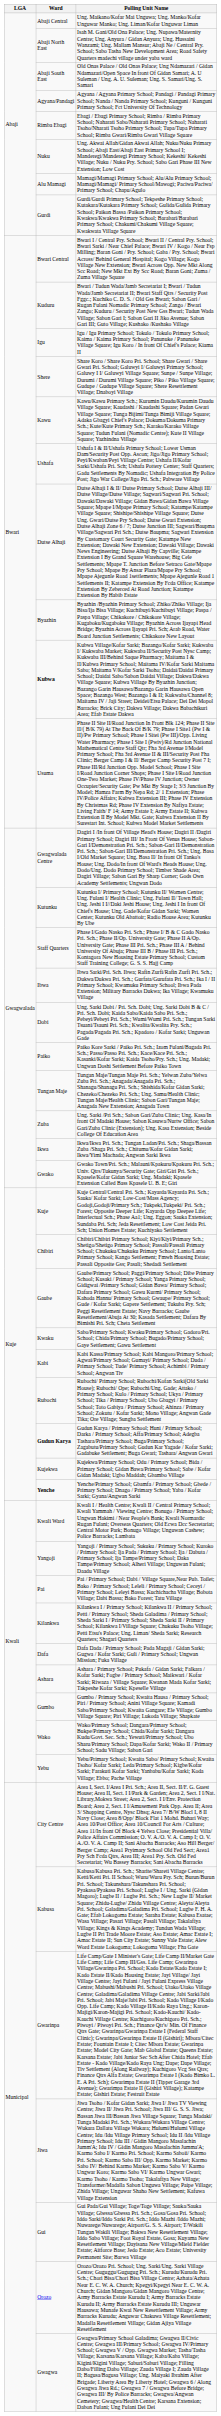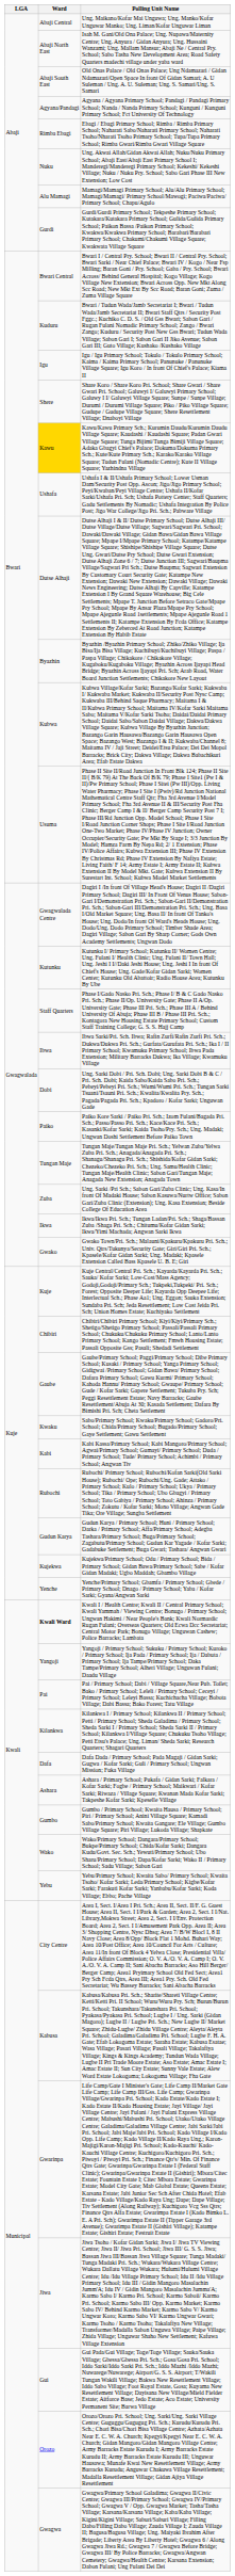 <table class="wikitable sortable">
 <tr>
 <th>LGA</th>
 <th>Ward</th>
 <th>Polling Unit Name</th>
 </tr>
 <tr>
 <td rowspan="8">Abaji</td>
 <td>Abaji Central</td>
 <td>Ung. Maikano/Kofar Mai Unguwa; Ung. Manko/Kofar Unguwar Manko; Ung. Liman/Kofar Unguwar Liman</td>
 </tr>
 <tr>
 <td>Abaji North East</td>
 <td>Isah M. Gani/Old Ona Palace; Ung. Nupawa/Maternity Centre; Ung. Anyura / Gidan Anyura; Ung. Hussaini Wanzami; Ung. Mallam Mansur; Abaji Ne / Central Pry. School; Sabo Tasha New Development Area; Road Safety Quarters madechi village under yaba ward</td>
 </tr>
 <tr>
 <td>Abaji South East</td>
 <td>Old Onas Palace / Old Onas Palace; Ung Ndamazari / Gidan Ndamazari/Open Space In front Of Gidan Samari; A. U Suleman / Ung. A. U. Suleman; Ung. S. Samari/Ung. S. Samari</td>
 </tr>
 <tr>
 <td>Agyana/Pandagi</td>
 <td>Agyana / Agyana Primary School; Pandagi / Pandagi Primary School; Nanda / Nanda Primary School; Kunguni / Kunguni Primary School; Fct University Of Technology</td>
 </tr>
 <tr>
 <td>Rimba Ebagi</td>
 <td>Ebagi / Ebagi Primary School; Rimba / Rimba Primary School; Naharati Sabo/Naharati Primary School; Naharati Tsoho/Nharati Tsoho Primary School; Tupa/Tupa Primary School; Rimba Gwari/Rimba Gwari Village Square</td>
 </tr>
 <tr>
 <td>Nuku</td>
 <td>Ung. Akwai Allah/Gidan Akwai Allah; Nuku/Nuku Primary School; Abaji East/Abaji East Primary School I; Manderegi/Manderegi Primary School; Kekeshi/ Kekeshi Village; Nuku / Nuku Pry. School; Sabo Gari Phase III New Extension; Low Cost</td>
 </tr>
 <tr>
 <td>Alu Mamagi</td>
 <td>Mamagi/Mamagi Primary School; Alu/Alu Primary School; Mamagi/Mamagi/ Primary School/Mawogi; Paciwa/Paciwa/ Primary School; Chapu/Agulo</td>
 </tr>
 <tr>
 <td>Gurdi</td>
 <td>Gurdi/Gurdi Primary School; Tekpeshe Primary School; Kutakara/Kutakara Primary School; Gulida/Gulida Primary School; Paikon Bassa /Paikon Primary School; Kwakwa/Kwakwa Primary School; Barabari/Barabari Primary School; Chakumi/Chakumi Village Square; Kwakwata Village Square</td>
 </tr>
 <tr>
 <td rowspan="10">Bwari</td>
 <td>Bwari Central</td>
 <td>Bwari I / Central Pry. School; Bwari II / Central Pry. School; Bwari Sarki / Near Chief Palace; Bwari IV / Kogo / Near Fsp Milling; Baran Goni / Pry. School; Gaba / Pry. School; Bwari Across/ Behind General Hospital; Kogo Village; Kogo Village New Extension; Bwari Across Opp. New Mkt Along Scc Road; New Mkt Ext By Scc Road; Baran Goni; Zuma / Zuma Village Square</td>
 </tr>
 <tr>
 <td>Kuduru</td>
 <td>Bwari / Tudun Wada/Jamb Secretariat I; Bwari / Tudun Wada/Jamb Secretariat II; Bwari Staff Qtrs / Security Post Fggc.; Kuchiko C. D. S. / Old Gss Bwari; Sabon Gari / Rugan Fulani Nomadic Primary School; Zango / Bwari Zango; Kuduru / Security Post New Gss Bwari; Tudun Wada Village; Sabon Gari I; Sabon Gari II Jiko Avenue; Sabon Gari III; Guto Village; Kushako /Kushako Village</td>
 </tr>
 <tr>
 <td>Igu</td>
 <td>Igu / Igu Primary School; Tokulo / Tokulo Primary School; Kaima / Kaima Primary School; Panunuke / Panunuke Village Square; Igu Koro / In front Of Chief's Palace; Kiama II</td>
 </tr>
 <tr>
 <td>Shere</td>
 <td>Share Koro / Share Koro Pri. School; Share Gwari / Share Gwari Pri. School; Galuwyi I/ Galuwyi Primary School; Galuwy I I/ Galuwyi Village Square; Sunpe / Sunpe Village; Durumi / Durumi Village Square; Piko / Piko Village Square; Gudupe / Gudupe Village Square; Shere Resettlement Village; Dnaboyi Village</td>
 </tr>
 <tr>
-<td>Kawu</td>
+<td style="background: gold;">Kawu</td>
 <td>Kawu/Kawu Primary Sch.; Kurumin Daudu/Kurumin Daudu Village Square; Kaudashi / Kaudashi Square; Padan Gwari Village Square; Tunga Bijimi/Tunga Bimiji Village Square; Adaka Gbagyi Chief's Palace; Dokuma/Dokuma Primary Sch.; Kute/Kute Primary Sch.; Karako/Karako Village Square; Tudun Fulani (Nomadic Centre); Kute II Village Square; Yazhindna Village</td>
 </tr>
 <tr>
 <td>Ushafa</td>
 <td>Ushafa I & II/Ushafa Primary School; Lower Usman Dam/Security Post Opp. Ascon; Jigo/Jigo Primary School; Peyi/Kwaban/Peyi Village Centre; Ushafa II/Kofar Sarki/Ushafa Pri. Sch; Ushafa Pottery Center; Staff Quarters; Gadu Settlements By Nomadic; Ushafa Integration By Police Post; Jigo War College/Jigo Pri. Sch.; Pabware Village</td>
 </tr>
 <tr>
 <td>Dutse Alhaji</td>
 <td>Dutse Alhaji I & II/ Dutse Primary School; Dutse Alhaji III/ Dutse Village/Dutse Village; Sagwari/Sagwari Pri. School; Dawaki/Dawaki Village; Gidan Bawa/Gidan Bawa Village Square; Mpape I/Mpape Primary School; Katampe/Katampe Village Square; Shishipe/Shishipe Village Square; Dutse Ung. Gwari/Dutse Pry School; Dutse Gwari Extension; Dutse Alhaji Zone 6 / 7; Dutse Junction III; Sagwari/Baupma Village/Sagwari Pri Sch.; Dutse Baupma; Sagwari Extension By Customary Court Security Gate; Katampe New Extension; Dawaki New Extension; Dawaki Village; Dawaki News Engineering; Dutse Alhaji By Capville; Katampe Extension I By Grand Square Warehouse; Big Cele Settlements; Mpape T. Junction Before Setraco Gate/Mpape Pry School; Mpape By Ansar Plaza/Mpape Pry School; Mpape Ajegunle Road 1settlements; Mpape Ajegunle Road 1 Settlements II; Katampe Extension By Fcda Office; Katampe Extension By Zeberced At Road Junction; Katampe Extension By Habib Estate</td>
 </tr>
 <tr>
 <td>Byazhin</td>
 <td>Byazhin /Byazhin Primary School; Zhiko/Zhiko Village; Ija Bisa/Ija Bisa Village; Kuchibuyi/Kuchibuyi Village; Paspa / Paspa Village; Chikakore / Chikakore Village; Kugaboku/Kugaboku Village; Byazhin Across Ijayapi Head Bridge; Byazhin Across Ijayapi Pri. Sch; Arab Road, Water Board Junction Settlements; Chikakore New Layout</td>
 </tr>
 <tr>
-<td><strong>Kubwa</strong></td>
+<td>Kubwa</td>
 <td>Kubwa Village/Kofar Sarki; Bazango/Kofar Sarki; Kukwaba I/ Kukwaba Market; Kukwaba II/Security Post Nysc Camp; Kukwaba III/Behind Saque Pharmacy; Maitama I & II/Kubwa Primary School; Maitama IV/Kofar Sarki Maitama Sabo; Maitama V/Kofar Sarki Tsoho; Daidai/Daidai Primary School; Daidai Sabo/Sabon Daidai Village; Dakwa/Dakwa Village Square; Kubwa Village By Byazhin Junction; Bazango Garin Hausawa/Bazango Garin Hausawa Open Space; Bazango West; Bazango I & II; Kukwaba/Channel 8; Maitama IV / Jaji Street; Deidei/Etsu Palace; Dei Dei Mopol Barracks; Brick City; Dakwa Village; Dakwa Babachikuri Area; Efab Estate Dakwa</td>
 </tr>
 <tr>
 <td>Usuma</td>
 <td>Phase II Site II/Road Junction In Front Blk 124; Phase II Site II/( B/K 79) At The Back Of B/K 79; Phase I Site1 (Pw I & II)/Pw Primary School; Phase I Sitei (Pw III)/Opp. Living Water Pharmacy; Phase I Site I (Pwiv)/Rd Junction National Mathematical Centre Staff Qtr; Fha 3rd Avenue I/Model Primary School; Fha 3rd Avenue II & III/Security Post Fha Clinic; Berger Camp I & II/ Berger Camp Security Post 7 I; Phase III/Rd Junction Opp. Model School; Phase I Site I/Road Junction Corner Shops; Phase I Site I/Road Junction One-Two Market; Phase IV/Phase IV Junction; Owner Occupier/Security Gate; Pw Mkt By Stage I; 3/3 Junction By Model; Hamza Farm By Nepa Rd; 2/ 1 Extension; Phase IV/Police Affairs; Kubwa Extension III; Phase IV Extension By Christmas Rd; Phase IV Extension By Nafiya Estate; Living Faith/ F 14; Army Estate I; Army Estate II; Kubwa Extension II By Model Mkt. Gate; Kubwa Extension II By Surestart Int. School; Kubwa Model Market Settlements</td>
 </tr>
 <tr>
 <td rowspan="10">Gwagwalada</td>
 <td>Gwagwalada Centre</td>
 <td>Dagiri I /In front Of Village Head's House; Dagiri II /Dagiri Primary School; Dagiri III/ In Front Of Venus House; Sabon-Gari I/Demonstration Pri. Sch.; Sabon-Gari II/Demonstration Pri. Sch.; Sabon-Gari III/Demonstration Pri. Sch.; Ung. Basa I/Old Market Square; Ung. Basa II/ In front Of Tanko's House; Ung. Dodo/In front Of Ward's Heads House; Ung. Dodo/Ung. Dodo Primary School; Timber Shade Area; Dagiri Village; Sabon Gari By Sharp Corner; Gods Own Academy Settlements; Ungwan Dodo</td>
 </tr>
 <tr>
 <td>Kutunku</td>
 <td>Kutunku I/ Primary School; Kutunku II/ Women Centre; Ung. Fulani I/ Health Clinic; Ung. Fulani II/ Town Hall; Ung. Jeshi I I//Daki Jeshi House; Ung. Jeshi I In front Of Chief's House; Ung. Gade/Kofar Gidan Sarki; Women Center; Kutunku Old Abattoir; Radio House Area; Kutunku By Ube</td>
 </tr>
 <tr>
 <td>Staff Quarters</td>
 <td>Phase I/Gado Nasko Pri. Sch.; Phase I/ B & C Gado Nasko Pri. Sch.; Phase II/Op. University Gate; Phase II A/Op. University Gate; Phase III Pri. Sch.; Phase III A / Behind University Of Abuja; Phase III B / Phase III Pri. Sch.; Kontagora New Housing Estate Primary School; Custom Staff Training College; G. S. S. Hajj Camp</td>
 </tr>
 <tr>
 <td>Ibwa</td>
 <td>Ibwa Sarki/Pri. Sch. Ibwa; Rafin Zurfi/Rafin Zurfi Pri. Sch.; Dukwa/Dukwa Pri. Sch.; Gurfata/Gurufata Pri. Sch.; Ika I / II Primary School; Kwamuku Primary School; Ibwa Pada Extension; Military Barracks Dukwa; Ika Village; Kwamuku Village</td>
 </tr>
 <tr>
 <td>Dobi</td>
 <td>Ung. Sarki Dobi / Pri. Sch. Dobi; Ung. Sarki Dobi B & C / Pri. Sch. Dobi; Kaida Sabo/Kaida Sabo Pri. Sch.; Pebeyi/Pebeyi Pri. Sch.; Wumi/Wumi Pri. Sch.; Tungan Sarki Tsuani/Tsauni Pri. Sch.; Kwalita/Kwalita Pry. Sch.; Pagada/Pagada Pri. Sch.; Kpadoro / Kofar Sarki; Unguwan Gade</td>
 </tr>
 <tr>
 <td>Paiko</td>
 <td>Paiko Kore Sarki / Paiko Pri. Sch.; Izom Fulani/Bagada Pri. Sch.; Passo/Passo Pri. Sch.; Kace/Kace Pri. Sch.; Kasanki/Kofar Sarki; Kaida Tsoho/Pry. Sch.; Ung. Madaki; Ungwan Doshi Settlement Before Paiko Town</td>
 </tr>
 <tr>
 <td>Tungan Maje</td>
 <td>Tungan Maje/Tungan Maje Pri. Sch.; Yelwan Zuba/Yelwa Zuba Pri. Sch.; Anagada/Anagada Pri. Sch.; Shanagu/Shanagu Pri. Sch.; Shishida/Kofar Gidan Sarki; Chezeko/Chezeko Pri. Sch.; Ung. Samu/Health Clinic; Tungan Maje/Health Clinic; Sabon Gari/Tungan Maje; Anagada New Extension; Anagada Town</td>
 </tr>
 <tr>
 <td>Zuba</td>
 <td>Ung. Sarki /Pri Sch.; Sabon Gari/Zuba Clinic; Ung. Kasa/In front Of Madaki House; Sabon Kasuwa/Nurtw Office; Sabon Gari/Zuba Clinic (Extension); Ung. Kasa Extension; Beside College Of Education Area</td>
 </tr>
 <tr>
 <td>Ikwa</td>
 <td>Ikwa/Ikwa Pri. Sch.; Tungan Ladan/Pri. Sch.; Shaga/Bassan Zuba /Shaga Pri. Sch.; Chitumu/Kofar Gidan Sarki; Ikwa/Yimi Machada; Angwan Sarki Ikwa</td>
 </tr>
 <tr>
 <td>Gwako</td>
 <td>Gwako Town/Pri. Sch.; Malauni/Kpakuru/Kpakuru Pri. Sch.; Univ. Qtrs/Tukunya/Security Gate; Giri/Giri Pri. Sch.; Kpasele/Kofar Gidan Sarki; Ung. Madaki; Kpasele Extension Called Bass Kpasele U. B. E; Giri</td>
 </tr>
 <tr>
 <td rowspan="9">Kuje</td>
 <td>Kuje</td>
 <td>Kuje Central/Central Pri. Sch.; Kayarda/Kayarda Pri. Sch.; Sauka/ Kofar Sarki; Low-Cost/Mass Agency; Godoji,Godoji/Primary Sch.; Tukpeki,Tukpeki/ Pri. Sch.; Forest; Opposite Deeper Life; Kayarda Opp Deepee Life; Interlectual Sch.; Phase Aa1; Ung. Eggon; Sauka Extension; Sundaba Pri. Sch; Jeda Resettlement; Low Cost Jeida Pri. Sch; Union Homes Estate; Kuchiyako Settlement</td>
 </tr>
 <tr>
 <td>Chibiri</td>
 <td>Chibiri/Chibiri Primary School; Kiyi/Kiyi/Primary Sch.; Shetigo/Shetigo Primary School; Passali/Passali Primary School; Chukuku/Chukuku Primary School; Lanto/Lanto Primary School; Kango Settlement; Fmwh Housing Estate; Passali Opposite Gss; Pasali; Shedadi Settlement</td>
 </tr>
 <tr>
 <td>Gaube</td>
 <td>Gaube/Primary School; Paggi/Primary School; Dibe Primary School; Kusaki / Primary School; Yanga Primary School; Gidigwai /Primary School; Gidan Bawa/ Primary School; Dafara Primary School; Gawu Kurmi/ Primary School; Kahoda Hannu/ Primary School; Gwaupe/ Primary School; Gude / Kofar Sarki; Gapere Settlement; Tukuba Pry. Sch; Peggi Resettlement Estate; Navy Barracks; Gaube Resettlement/Abuja At 30; Kasada Settlement; Dafara By Bimishi Pri. Sch; Cheta Settlement</td>
 </tr>
 <tr>
 <td>Kwaku</td>
 <td>Sabo/Primary School; Kwaku/Primary School; Gadoro/Pri. School; Chida/Primary School; Bugado/Primary School; Gaye Settlement; Gawu Settlement</td>
 </tr>
 <tr>
 <td>Kabi</td>
 <td>Kabi Kassa/Primary School; Kabi Mangoro/Primary School; Agwai/Primary School; Gumayi/ Primary School; Duda / Primary School; Tude/ Primary School; Achimbi / Primary School; Angwan Tiv</td>
 </tr>
 <tr>
 <td>Rubochi</td>
 <td>Rubochi/ Primary School; Rubochi/Kofan Sarki(Old Sarki House); Rubochi/ Ope; Rubochi/Ung. Gade; Attako / Primary School; Kulo / Primary School; Ukya / Primary School; Tika / Primary School; Ubo Gbagyi / Primary School; Toto Gabiya / Primary School; Ahinza / Primary School; Zokutu / Kofar Sarki; Mono Village; Angwan Gade Tika; Ore Village; Sungba Settlement</td>
 </tr>
 <tr>
-<td><strong>Gudun Karya</strong></td>
+<td>Gudun Karya</td>
 <td>Gudun Karya / Primary School; Huni / Primary School; Darka / Primary School; Affa/Primary School; Adegba Tashara/Primary School; Buga/Primary School; Zagabutu/Primary School; Gudun Kar Yagade / Kofar Sarki; Gadabuke Settlement; Buga Gwari; Tashara/ Angwan Gwari</td>
 </tr>
 <tr>
 <td>Kujekwa</td>
 <td>Kujekwa/Primary School; Odu / Primary School; Bida / Primary School; Gidan Bawa/Primary School; Sabe / Kofar Gidan Madaki; Ugbo Maddah; Gbambo Village</td>
 </tr>
 <tr>
-<td><strong>Yenche</strong></td>
+<td>Yenche</td>
 <td>Yenche/Primary School; Gbamfa / Primary School; Gbede / Primary School; Dnago / Primary School; Yaba / Kofar Sarki; Gyana/Angwan Sarki</td>
 </tr>
 <tr>
 <td rowspan="9">Kwali</td>
-<td>Kwali Ward</td>
+<td><strong>Kwali Ward</strong></td>
 <td>Kwali I / Health Centre; Kwali II / Central Primary School; Kwali Yammah / Viewing Centre; Bonugo / Primary School; Ungwan Hakimi / Near People's Bank; Kwali Normardic Rugan Fulani; Overseas Quarters; Old Ecwa Dcc Secretariat; Central Motor Park; Bonugo Village; Unguwan Cashew; Police Barracks; Lambata</td>
 </tr>
 <tr>
 <td>Yangoji</td>
 <td>Yangoji / Primary School; Sukuku / Primary School; Kuroko / Primary School; Ija Pada / Primary School; Ija / Dabuta / Primary School; Ija Tampe/Primary School; Daka Tampe/Primary School; Alheri Village; Unguwan Fulani; Daadu Village</td>
 </tr>
 <tr>
 <td>Pai</td>
 <td>Pai / Primary School; Dabi / Village Square,Near Pub. Toilet; Bako / Primary School; Leleli / Primary School; Ceceyi / Primary School; Leleyi Bassa; Kuchichacha Village; Bobota Village; Dabi Bassa; Bako Forest; Tatu Village</td>
 </tr>
 <tr>
 <td>Kilankwa</td>
 <td>Kilankwa I / Primary School; Kilankwa II / Primary School; Petti / Primary School; Sheda Galadima / Primary School; Sheda Sarki I / Primary School; Sheda Sarki II / Primary School; Kilankwa I/Village Square; Chukuku Tsoho Village; Petti Etsu's Palace; Ung. Liman/ Sheda Sarki; Research Quarters; Shagari Quarters</td>
 </tr>
 <tr>
 <td>Dafa</td>
 <td>Dafa Dada / Primary School; Pada Magaji / Gidan Sarki; Gugwa / Kofar Sarki; Guli / Primary School; Ungwan Mission; Fuka Village</td>
 </tr>
 <tr>
 <td>Ashara</td>
 <td>Ashara / Primary School; Pukafa / Gidan Sarki; Falkara / Kofar Sarki; Fogbe / Primary School; Maikwari / Kofar Sarki; Riwaza / Village Square; Kwanan Mada Kofar Sarki; Takpeshe Kofar Sarki; Kpeselle Village</td>
 </tr>
 <tr>
 <td>Gumbo</td>
 <td>Gumbo / Primary School; Kwaita Hausa / Primary School; Piri / Primary School; Anini Village Square; Kamadi Sabo/Primary School; Kwaita Gangare; Ele Village; Gumbo Village Square; Piri Village; Lukoda Village; Shapkate</td>
 </tr>
 <tr>
 <td>Wako</td>
 <td>Wako/Primary School; Dangara/Primary School; Bukpe/Primary School; Chida/Kofar Sarki; Dangara Kudu/Govt. Sec. Sch.; Yewuti/Primary School; Ubo Sharu/Primary School; Dapa/Kofar Sarki; Wako II / Primary School; Sadu Village; Sabon Gari</td>
 </tr>
 <tr>
 <td>Yebu</td>
 <td>Yebu/Primary School; Kwaita Sabo/ Primary School; Kwaita Tsoho/ Kofar Sarki; Leda/Primary School; Kigbe/Kofar Sarki; Farakuti Kofar Sarki; Yanbabu/Kofar Sarki; Koda Village; Ebbo; Pache Village</td>
 </tr>
 <tr>
 <td rowspan="7">Municipal</td>
 <td>City Centre</td>
 <td>Area I, Sect. I/Area I Pri. Sch.; Area II, Sect. II/F. G. Guest House; Area II, Sect. I I/Park & Garden; Area 2, Sect. I I/Nat. Library,Mokwa Street; Area 2, Sect. I I/Env. Protection Board; Area 2, Sect. I I/Amusement Park Opp. Area II; Area 3/ Shopping Centre, Nysc Dhsq; Area 7/ B/W Blocl I, 8 II Navy Close; Area 8/Opp/ Block Flat 1 Mohd. Buhari Way; Area 10/Post Office; Area 10/Council For Arts / Culture; Area 11/In front Of Block 4 Yelwa Close; Presidential Villa/ Police Affairs Commission; O. V. A./O. V. A. Camp I; O. V. A./O. V. A. Camp II; Sani Abacha Barracks; Aso Hill Berger/ Berger Camp; Area1 Pryimary School Old Fed Sect; Area1 Pry Sch Fcda Qtrs, Area III; Area1 Pry. Sch. Old Fed Secretariat; Wu Bassey Barracks; Sani Abacha Barracks</td>
 </tr>
 <tr>
 <td>Kabusa</td>
 <td>Kabusa/Kabusa Pri. Sch.; Sharite/Shareti Village Centre; Ketti/Ketti Pri. II School; Wuru/Wuru Pry. Sch; Burun/Burun Pri. School; Takunshara/Takunshara Pri. School; Pyakasa/Pyakasa Pri. School; Lugbe I / Ung. Sarki (Gidan Magoro); Lugbe II / Lugbe Pri. Sch.; New Lugbe II/ Market Square; Zhidu-Lugbe/ Zhidu Village Centre; Aleyta/Aleyta Pri. School; Galadima/Galadima Pri. School; Lugbe F. H. A. Gate; Efab Lokogoma Estate; Saraha Estate; Kabusa Esatae; Wasa Village; Pasari Village; Pasali Village; Takalafiya Village; Kings & Kings Academy; Tundun Wada Village; Lugbe II Pri Trade Moore Estate; Aso Estate; Amac Estate I; Amac Estate II; Sun City Estate; Sunny Vale Estate; Alew Word Estate Lokogoma; Lokogoma Village; Fha Gate</td>
 </tr>
 <tr>
 <td>Gwarinpa</td>
 <td>Life Camp/Gate I Minister's Gate; Life Camp II/Market Gate Life Camp; Life Camp III/Gss. Life Camp; Gwarinpa Village/Gwarinpa Pri. School; Kado Estate/Kado Estate I; Kado Estate II/Kado Housing Estate; Jayi Village/ Jayi Village Centre; Jayi Fulani / Jayi Fulani Express Village Centre; Mabushi/Mabushi Pri. School; Utako/Utako Village Centre; Galadima/Galadima Village Centre; Jabi Sarki/Jabi Pri. School; Jabi Maje/Jabi Pri. School; Kado Village I/Kado Opp. Life Camp; Kado Village II/Kado Raya Ung.; Karon-Majigi/Karon-Majigi Pri. School; Kado-Kauchi/ Kado-Kauchi Village Centre; Kuchigoro/Kuchigoro Pri. Sch.; Piwoyi / Piwoyi Pri. Sch.; Finance Qtr's/ Min. Of Finance Qtrs Gate; Gwarinpa/Gwarinpa Estate I (Federal Staff Clinic); Gwarinpa/Gwarinpa Estate II (Gishiri); Mbora/Citec Estate; Fountain Estate I; Citec Mbora Estate; Gwarinpa Estate; Model City Gate; Mab Global Estate; Queens Estate; Karsana Estate; Jabi Junior Sec Sch After Chida Hotel; Efab Estate - Kado Village/Kado Raya Ung; Dape; Dape Village; Tiv Settlement (Along Railway); Kuchigoro Vcg Sss Qtrs; Finance Qtrs Alfa Estate; Gwarimpa Estate I (Kado Bimko L. E. A Pri. Sch); Gwarimpa Estate II (Tipper Garage 3rd Avenue); Gwarimpa Estate II (Gishiri Village); Katampe Estate; Gishiri Estate; Festruit Estate</td>
 </tr>
 <tr>
 <td>Jiwa</td>
 <td>Jiwa Tsoho / Kofar Gidan Sarki; Jiwa I/ Jiwa TV Viewing Centre; Jiwa II/ Jiwa Pri. School; Jiwa III/ G. S. S. Jiwa; Bassan Jiwa III/Bassan Jiwa Village Square; Tunga Madaki/ Tunga Madaki Pri. Sch.; Wukara/Wukara Village Centre; Wukara Dallatu Village Wukara; Hulumi/Hulumi Village Centre; Idu /Idu Village Primary School; Idu II /Idu Village Primary School; Idu III / Gidin Mangoro Masalachin Jumm'A; Idu IV / Gidin Mangoro Masalachin Jumma'A; Karmo Sabo I/ Karmo Pri. School; Karmo Saboii/ Karmo Pri. School; Karmo Sabo III/ Opp. Karmo Market; Karmo Sabo IV/ Behind Karmo Market; Karmo Sabo V/ Karmo Ungwar Koro; Karmo Sabo VI/ Karmo Ungwar Gwari; Karmo Tsoho / Karmo Tsoho; Takalafiya New Village; Transformer/Madalla Sabon Unguwa Village; Paipe Village; Zhida Village; Unguwar Shaho New Settlement; Kafuwa Village Extension</td>
 </tr>
 <tr>
 <td>Gui</td>
 <td>Gui Pada/Gui Village; Toge/Toge Village; Sauka/Sauka Village; Gbessa/Gbessa Pri. Sch.; Gosa/Gosa Pri. School; Iddo Sarki/Iddo Sarki Pri. Sch.; Iddo Mazhi /Iddo Mazhi; Nuwarege/Nuwarege; Airport/G. S. S. Airport; T/Wakili Tungan Wakili Village; Bakwa New Resettlement Village; Iddo Sabo Village; Foot Royal Estate, Gosa; Kuyama New Resettlement Village; Dayisana New Village/Mield Fielder Estate; Aitforce Base; Jedo Estate; Aco Estate; University Permanent Site; Barwa Village</td>
 </tr>
 <tr>
 <td><a href='#'>Orozo</a></td>
 <td>Orozo/Orozo Pri. School; Ung. Sarki/Ung. Sarki Village Centre; Guguggu/Gugugug Pri. Sch.; Kurudu/Kurudu Pri. Sch.; Chori Bisa/Chori Bisa Village Centre; Azhata/Azhata Near E. C. W. A. Church; Kpegyi/Kpegyi Near E. C. W. A. Church; Gidan Mangoro/Gidan Mangoro Village Centre; Army Barracks Estate Kurudu I; Army Barracks Estate Kurudu II; Army Barracks Estate Kurudu III; Unguwar Hausawa; Munafe Kwai New Resettlement Village; Army Barracks Kurudu; Anguwar Chakuwa Village Resettlement; Madalla Resettlement Village; Gidan Ajiya Village Resettlement</td>
 </tr>
 <tr>
 <td>Gwagwa</td>
 <td>Gwagwa/Primary School Galadima; Gwagwa II/Civic Centre; Gwagwa III/Primary School; Gwagwa IV/Primary School; Gwagwa V / Opp. Gwagwa Market; Tasha/Tasha Village; Karsana/Karsana Village; Kaba/Kaba Village; Kigini/Kigini Village; Saburi/Saburi Village; Filling Dabo/Filling Dabo Village; Zauda Village I; Zauda Village II; Bagusa/Bagusa Village; Ung. Maiyaki Ibrahim After Brigade; Liberty Area By Liberty Hotel; Gwagwa 6 / Along Gwagwa Jiwa Rd.; Gwagwa 7 / Gwagwa Before Bridge; Gwagwa III/ By Police Barracks; Gwagwa/Angwan Cemetery; Gwagwa/Health Centre; Karsana Extension; Dabon Fulani; Ung Fulani Dei Dei</td>
 </tr>
 </table>
